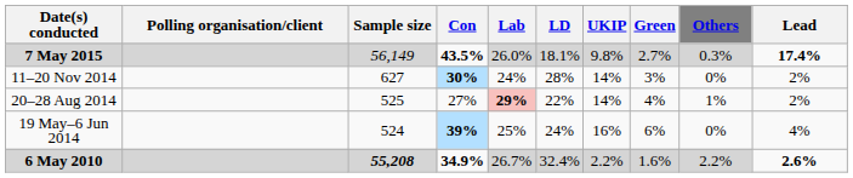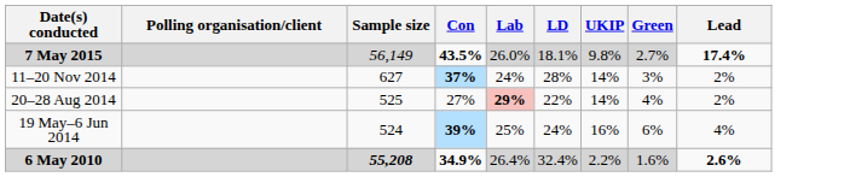 <table class="wikitable sortable" style="text-align:center;font-size:90%;line-height:14px">
 <tr>
 <th ! style="width:100px;">Date(s)<br>conducted</th>
 <th style="width:200px;">Polling organisation/client</th>
 <th class="unsortable" style="width:75px;">Sample size</th>
 <th class="unsortable" style="background:"><a href='#'><span>Con</span></a></th>
 <th class="unsortable" style="background:"><a href='#'><span>Lab</span></a></th>
 <th class="unsortable" style="background:"><a href='#'><span>LD</span></a></th>
 <th class="unsortable" style="background:"><a href='#'><span>UKIP</span></a></th>
 <th class="unsortable" style="background:"><a href='#'><span>Green</span></a></th>
-<th class="unsortable" style="background:gray; width:60px;"><a href='#'><span>Others</span></a></th>
 <th class="unsortable" style="width:80px;">Lead</th>
 </tr>
 <tr>
 <td style="background:#D5D5D5"><strong>7 May 2015</strong></td>
 <td style="background:#D5D5D5"></td>
 <td style="background:#D5D5D5"><em>56,149</em></td>
 <td style="background:"><strong>43.5%</strong></td>
 <td style="background:#D5D5D5">26.0%</td>
 <td style="background:#D5D5D5">18.1%</td>
 <td style="background:#D5D5D5">9.8%</td>
 <td style="background:#D5D5D5">2.7%</td>
-<td style="background:#D5D5D5">0.3%</td>
 <td style="background:"><strong>17.4% </strong></td>
 </tr>
 <tr>
 <td>11–20 Nov 2014</td>
 <td></td>
 <td>627</td>
-<td style="background:#B3E0FF"><strong>30%</strong></td>
+<td style="background:#B3E0FF"><strong>37%</strong></td>
 <td>24%</td>
 <td>28%</td>
 <td>14%</td>
 <td>3%</td>
-<td>0%</td>
 <td style="background:">2%</td>
 </tr>
 <tr>
 <td>20–28 Aug 2014</td>
 <td></td>
 <td>525</td>
 <td>27%</td>
 <td style="background:#F8C1BE"><strong>29%</strong></td>
 <td>22%</td>
 <td>14%</td>
 <td>4%</td>
-<td>1%</td>
 <td style="background:">2%</td>
 </tr>
 <tr>
 <td>19 May–6 Jun 2014</td>
 <td></td>
 <td>524</td>
 <td style="background:#B3E0FF"><strong>39%</strong></td>
 <td>25%</td>
 <td>24%</td>
 <td>16%</td>
 <td>6%</td>
-<td>0%</td>
 <td style="background:">4%</td>
 </tr>
 <tr>
 <td style="background:#D5D5D5"><strong>6 May 2010</strong></td>
 <td style="background:#D5D5D5"></td>
 <td style="background:#D5D5D5"><strong><em>55,208</em></strong></td>
 <td style="background:"><strong>34.9%</strong></td>
-<td style="background:#D5D5D5">26.7%</td>
+<td style="background:#D5D5D5">26.4%</td>
 <td style="background:#D5D5D5">32.4%</td>
 <td style="background:#D5D5D5">2.2%</td>
 <td style="background:#D5D5D5">1.6%</td>
-<td style="background:#D5D5D5">2.2%</td>
 <td style="background:"><strong>2.6% </strong></td>
 </tr>
 </table>
